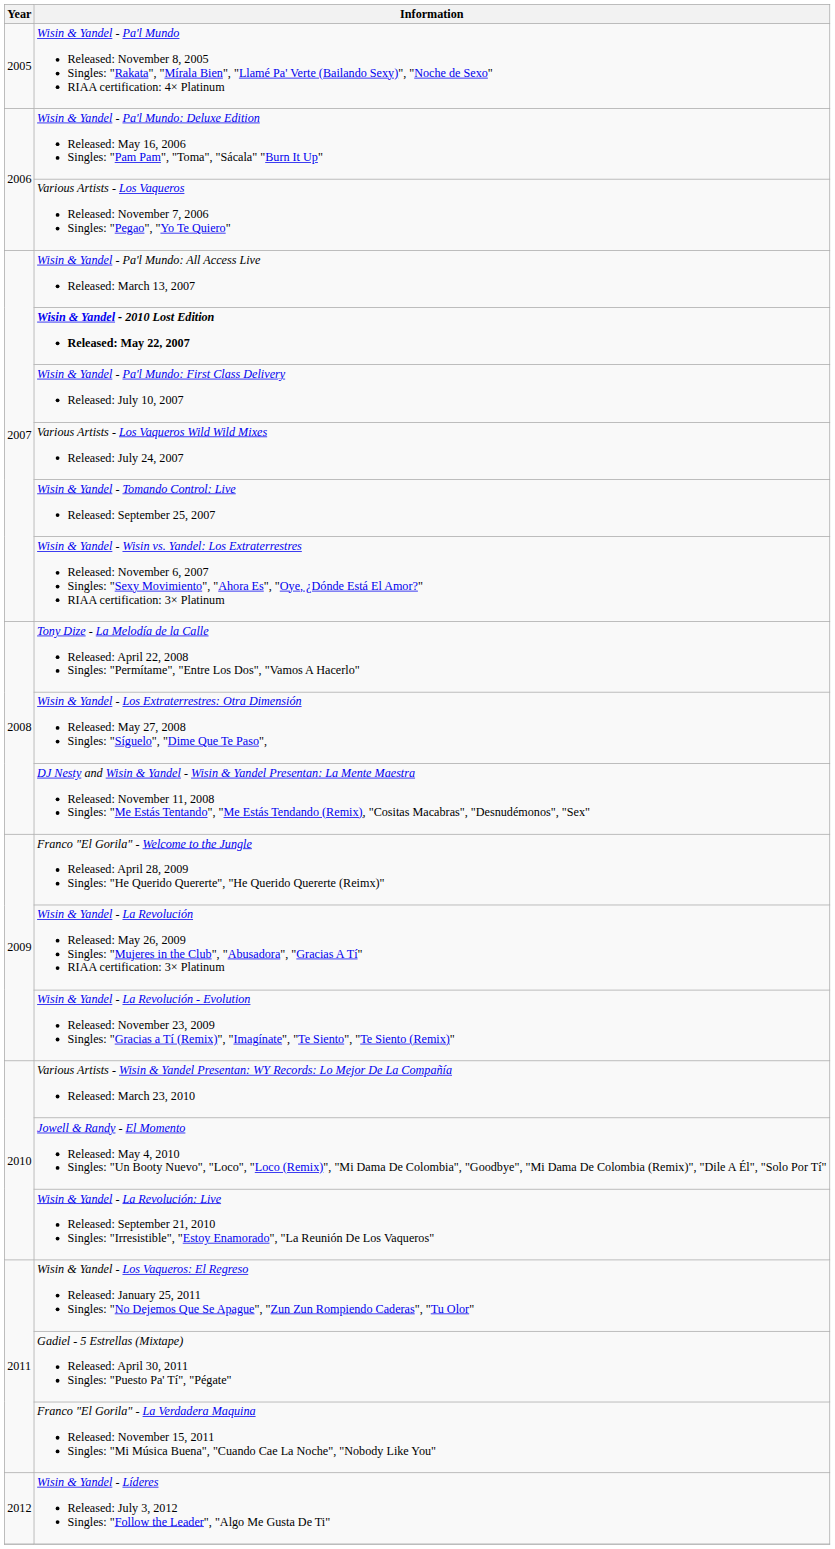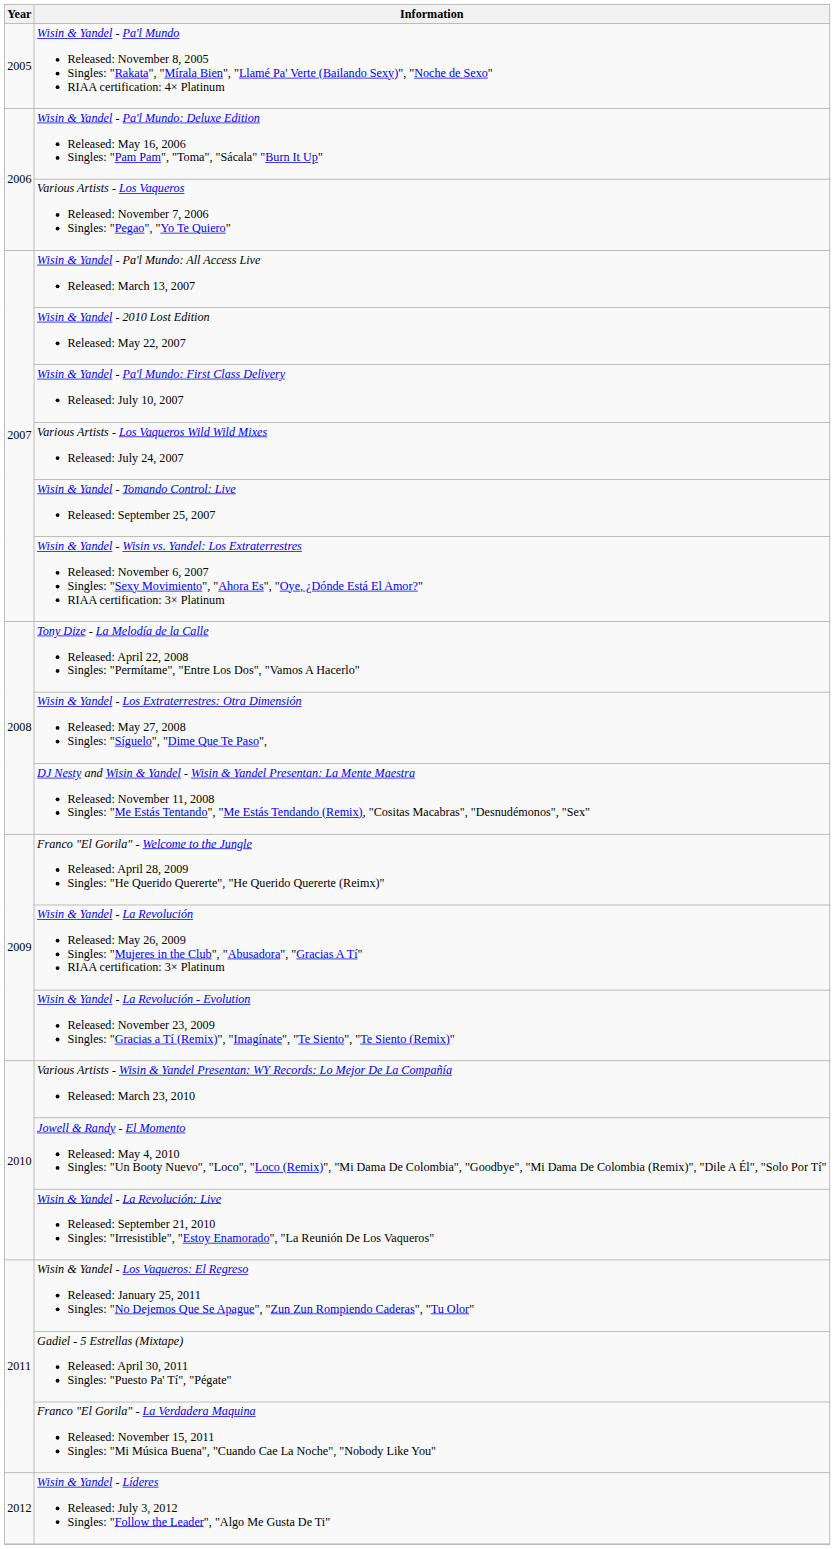 <table class="wikitable">
 <tr>
 <th align="center">Year</th>
 <th align="center">Information</th>
 </tr>
 <tr>
 <td rowspan="1">2005</td>
 <td align="left"><em><a href='#'>Wisin & Yandel</a> - <a href='#'>Pa'l Mundo</a></em><br><ul><li>Released: November 8, 2005</li><li>Singles: "<a href='#'>Rakata</a>", "<a href='#'>Mírala Bien</a>", "<a href='#'>Llamé Pa' Verte (Bailando Sexy)</a>", "<a href='#'>Noche de Sexo</a>"</li><li>RIAA certification: 4× Platinum</li></ul></td>
 </tr>
 <tr>
 <td rowspan="2">2006</td>
 <td align="left"><em><a href='#'>Wisin & Yandel</a> - <a href='#'>Pa'l Mundo: Deluxe Edition</a></em><br><ul><li>Released: May 16, 2006</li><li>Singles: "<a href='#'>Pam Pam</a>", "Toma", "Sácala" "<a href='#'>Burn It Up</a>"</li></ul></td>
 </tr>
 <tr>
 <td align="left"><em>Various Artists - <a href='#'>Los Vaqueros</a></em><br><ul><li>Released: November 7, 2006</li><li>Singles: "<a href='#'>Pegao</a>", "<a href='#'>Yo Te Quiero</a>"</li></ul></td>
 </tr>
 <tr>
 <td rowspan="6">2007</td>
 <td align="left"><em><a href='#'>Wisin & Yandel</a> - Pa'l Mundo: All Access Live</em><br><ul><li>Released: March 13, 2007</li></ul></td>
 </tr>
 <tr>
-<td align="left"><strong><em><a href='#'>Wisin & Yandel</a> - 2010 Lost Edition</em><br><ul><li>Released: May 22, 2007</li></ul></strong></td>
+<td align="left"><em><a href='#'>Wisin & Yandel</a> - 2010 Lost Edition</em><br><ul><li>Released: May 22, 2007</li></ul></td>
 </tr>
 <tr>
 <td align="left"><em><a href='#'>Wisin & Yandel</a> - <a href='#'>Pa'l Mundo: First Class Delivery</a></em><br><ul><li>Released: July 10, 2007</li></ul></td>
 </tr>
 <tr>
 <td align="left"><em>Various Artists - <a href='#'>Los Vaqueros Wild Wild Mixes</a></em><br><ul><li>Released: July 24, 2007</li></ul></td>
 </tr>
 <tr>
 <td align="left"><em><a href='#'>Wisin & Yandel</a> - <a href='#'>Tomando Control: Live</a></em><br><ul><li>Released: September 25, 2007</li></ul></td>
 </tr>
 <tr>
 <td align="left"><em><a href='#'>Wisin & Yandel</a> - <a href='#'>Wisin vs. Yandel: Los Extraterrestres</a></em><br><ul><li>Released: November 6, 2007</li><li>Singles: "<a href='#'>Sexy Movimiento</a>", "<a href='#'>Ahora Es</a>", "<a href='#'>Oye, ¿Dónde Está El Amor?</a>"</li><li>RIAA certification: 3× Platinum</li></ul></td>
 </tr>
 <tr>
 <td rowspan="3">2008</td>
 <td align="left"><em><a href='#'>Tony Dize</a> - <a href='#'>La Melodía de la Calle</a></em><br><ul><li>Released: April 22, 2008</li><li>Singles: "Permítame", "Entre Los Dos", "Vamos A Hacerlo"</li></ul></td>
 </tr>
 <tr>
 <td align="left"><em><a href='#'>Wisin & Yandel</a> - <a href='#'>Los Extraterrestres: Otra Dimensión</a></em><br><ul><li>Released: May 27, 2008</li><li>Singles: "<a href='#'>Síguelo</a>", "<a href='#'>Dime Que Te Paso</a>",</li></ul></td>
 </tr>
 <tr>
 <td align="left"><em><a href='#'>DJ Nesty</a> and <a href='#'>Wisin & Yandel</a> - <a href='#'>Wisin & Yandel Presentan: La Mente Maestra</a></em><br><ul><li>Released: November 11, 2008</li><li>Singles: "<a href='#'>Me Estás Tentando</a>", "<a href='#'>Me Estás Tendando (Remix)</a>, "Cositas Macabras", "Desnudémonos", "Sex"</li></ul></td>
 </tr>
 <tr>
 <td rowspan="3">2009</td>
 <td align="left"><em>Franco "El Gorila" - <a href='#'>Welcome to the Jungle</a></em><br><ul><li>Released: April 28, 2009</li><li>Singles: "He Querido Quererte", "He Querido Quererte (Reimx)"</li></ul></td>
 </tr>
 <tr>
 <td align="left"><em><a href='#'>Wisin & Yandel</a> - <a href='#'>La Revolución</a></em><br><ul><li>Released: May 26, 2009</li><li>Singles: "<a href='#'>Mujeres in the Club</a>", "<a href='#'>Abusadora</a>", "<a href='#'>Gracias A Tí</a>"</li><li>RIAA certification: 3× Platinum</li></ul></td>
 </tr>
 <tr>
 <td align="left"><em><a href='#'>Wisin & Yandel</a> - <a href='#'>La Revolución - Evolution</a></em><br><ul><li>Released: November 23, 2009</li><li>Singles: "<a href='#'>Gracias a Tí (Remix)</a>", "<a href='#'>Imagínate</a>", "<a href='#'>Te Siento</a>", "<a href='#'>Te Siento (Remix)</a>"</li></ul></td>
 </tr>
 <tr>
 <td rowspan="3">2010</td>
 <td align="left"><em>Various Artists - <a href='#'>Wisin & Yandel Presentan: WY Records: Lo Mejor De La Compañía</a></em><br><ul><li>Released: March 23, 2010</li></ul></td>
 </tr>
 <tr>
 <td align="left"><em><a href='#'>Jowell & Randy</a> - <a href='#'>El Momento</a></em><br><ul><li>Released: May 4, 2010</li><li>Singles: "Un Booty Nuevo", "Loco", "<a href='#'>Loco (Remix)</a>", "Mi Dama De Colombia", "Goodbye", "Mi Dama De Colombia (Remix)", "Dile A Él", "Solo Por Tí"</li></ul></td>
 </tr>
 <tr>
 <td align="left"><em><a href='#'>Wisin & Yandel</a> - <a href='#'>La Revolución: Live</a></em><br><ul><li>Released: September 21, 2010</li><li>Singles: "Irresistible", "<a href='#'>Estoy Enamorado</a>", "La Reunión De Los Vaqueros"</li></ul></td>
 </tr>
 <tr>
 <td rowspan="3">2011</td>
 <td align="left"><em>Wisin & Yandel - <a href='#'>Los Vaqueros: El Regreso</a></em><br><ul><li>Released: January 25, 2011</li><li>Singles: "<a href='#'>No Dejemos Que Se Apague</a>", "<a href='#'>Zun Zun Rompiendo Caderas</a>", "<a href='#'>Tu Olor</a>"</li></ul></td>
 </tr>
 <tr>
 <td align="left"><em>Gadiel - 5 Estrellas (Mixtape)</em><br><ul><li>Released: April 30, 2011</li><li>Singles: "Puesto Pa' Tí", "Pégate"</li></ul></td>
 </tr>
 <tr>
 <td align="left"><em>Franco "El Gorila" - <a href='#'>La Verdadera Maquina</a></em><br><ul><li>Released: November 15, 2011</li><li>Singles: "Mi Música Buena", "Cuando Cae La Noche", "Nobody Like You"</li></ul></td>
 </tr>
 <tr>
 <td rowspan="1">2012</td>
 <td align="left"><em><a href='#'>Wisin & Yandel</a> - <a href='#'>Líderes</a></em><br><ul><li>Released: July 3, 2012</li><li>Singles: "<a href='#'>Follow the Leader</a>", "Algo Me Gusta De Ti"</li></ul></td>
 </tr>
 <tr>
 </tr>
 </table>
